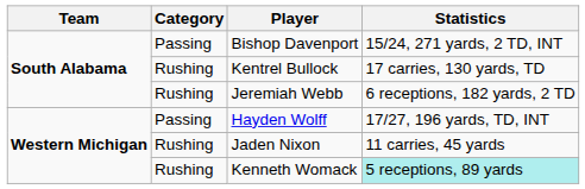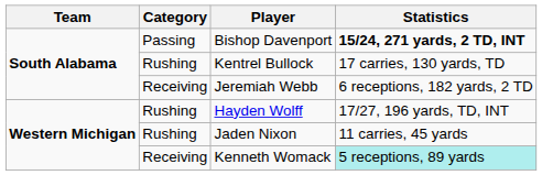 <table class="wikitable" style="float: right;">
 <tr>
 <th>Team</th>
 <th>Category</th>
 <th>Player</th>
 <th>Statistics</th>
 </tr>
 <tr>
 <td rowspan=3><strong>South Alabama</strong></td>
 <td>Passing</td>
 <td>Bishop Davenport</td>
-<td>15/24, 271 yards, 2 TD, INT</td>
+<td><strong>15/24, 271 yards, 2 TD, INT</strong></td>
 </tr>
 <tr>
 <td>Rushing</td>
 <td>Kentrel Bullock</td>
 <td>17 carries, 130 yards, TD</td>
 </tr>
 <tr>
-<td>Rushing</td>
+<td>Receiving</td>
 <td>Jeremiah Webb</td>
 <td>6 receptions, 182 yards, 2 TD</td>
 </tr>
 <tr>
 <td rowspan=3><strong>Western Michigan</strong></td>
-<td>Passing</td>
+<td>Rushing</td>
 <td><a href='#'>Hayden Wolff</a></td>
 <td>17/27, 196 yards, TD, INT</td>
 </tr>
 <tr>
 <td>Rushing</td>
 <td>Jaden Nixon</td>
 <td>11 carries, 45 yards</td>
 </tr>
 <tr>
-<td>Rushing</td>
+<td>Receiving</td>
 <td>Kenneth Womack</td>
 <td style="background: paleturquoise;">5 receptions, 89 yards</td>
 </tr>
 </table>
